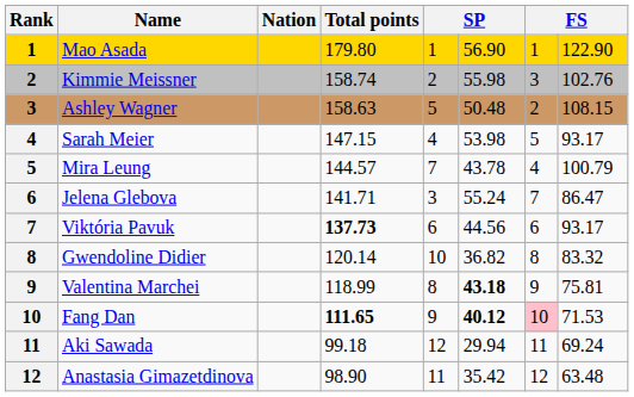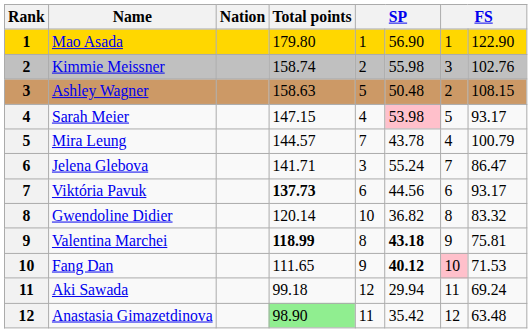 <table class="wikitable">
 <tr>
 <th>Rank</th>
 <th>Name</th>
 <th>Nation</th>
 <th>Total points</th>
 <th colspan="2" width="80px"><a href='#'>SP</a></th>
 <th colspan="2" width="80px"><a href='#'>FS</a></th>
 </tr>
 <tr bgcolor="gold">
 <td align="center"><strong>1</strong></td>
 <td><a href='#'>Mao Asada</a></td>
 <td></td>
 <td>179.80</td>
 <td>1</td>
 <td>56.90</td>
 <td>1</td>
 <td>122.90</td>
 </tr>
 <tr bgcolor="silver">
 <td align="center"><strong>2</strong></td>
 <td><a href='#'>Kimmie Meissner</a></td>
 <td></td>
 <td>158.74</td>
 <td>2</td>
 <td>55.98</td>
 <td>3</td>
 <td>102.76</td>
 </tr>
 <tr bgcolor="cc9966">
 <td align="center"><strong>3</strong></td>
 <td><a href='#'>Ashley Wagner</a></td>
 <td></td>
 <td>158.63</td>
 <td>5</td>
 <td>50.48</td>
 <td>2</td>
 <td>108.15</td>
 </tr>
 <tr>
 <th>4</th>
 <td><a href='#'>Sarah Meier</a></td>
 <td></td>
 <td>147.15</td>
 <td>4</td>
-<td>53.98</td>
+<td style="background: pink;">53.98</td>
 <td>5</td>
 <td>93.17</td>
 </tr>
 <tr>
 <th>5</th>
 <td><a href='#'>Mira Leung</a></td>
 <td></td>
 <td>144.57</td>
 <td>7</td>
 <td>43.78</td>
 <td>4</td>
 <td>100.79</td>
 </tr>
 <tr>
 <th>6</th>
 <td><a href='#'>Jelena Glebova</a></td>
 <td></td>
 <td>141.71</td>
 <td>3</td>
 <td>55.24</td>
 <td>7</td>
 <td>86.47</td>
 </tr>
 <tr>
 <th>7</th>
 <td><a href='#'>Viktória Pavuk</a></td>
 <td></td>
 <td><strong>137.73</strong></td>
 <td>6</td>
 <td>44.56</td>
 <td>6</td>
 <td>93.17</td>
 </tr>
 <tr>
 <th>8</th>
 <td><a href='#'>Gwendoline Didier</a></td>
 <td></td>
 <td>120.14</td>
 <td>10</td>
 <td>36.82</td>
 <td>8</td>
 <td>83.32</td>
 </tr>
 <tr>
 <th>9</th>
 <td><a href='#'>Valentina Marchei</a></td>
 <td></td>
-<td>118.99</td>
+<td><strong>118.99</strong></td>
 <td>8</td>
 <td><strong>43.18</strong></td>
 <td>9</td>
 <td>75.81</td>
 </tr>
 <tr>
 <th>10</th>
 <td><a href='#'>Fang Dan</a></td>
 <td></td>
-<td><strong>111.65</strong></td>
+<td>111.65</td>
 <td>9</td>
 <td><strong>40.12</strong></td>
 <td style="background: pink;">10</td>
 <td>71.53</td>
 </tr>
 <tr>
 <th>11</th>
 <td><a href='#'>Aki Sawada</a></td>
 <td></td>
 <td>99.18</td>
 <td>12</td>
 <td>29.94</td>
 <td>11</td>
 <td>69.24</td>
 </tr>
 <tr>
 <th>12</th>
 <td><a href='#'>Anastasia Gimazetdinova</a></td>
 <td></td>
-<td>98.90</td>
+<td style="background: lightgreen;">98.90</td>
 <td>11</td>
 <td>35.42</td>
 <td>12</td>
 <td>63.48</td>
 </tr>
 </table>
